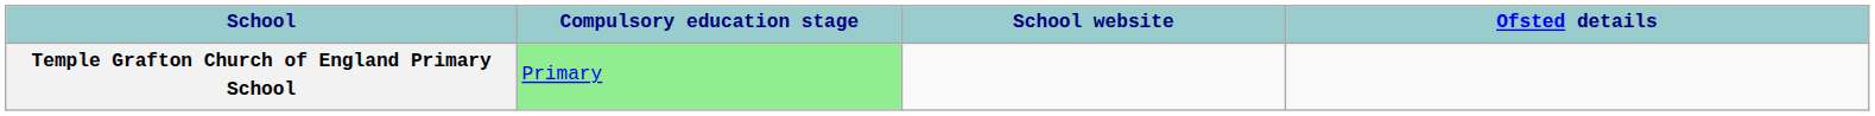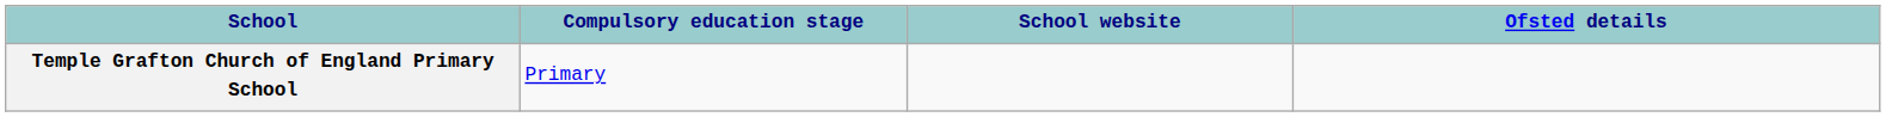 <table class="wikitable sortable" style="font-size:90%;width:90%;border:0px;text-align:left;line-height:150%;">
 <tr>
 <th style="background: #99CCCC; color: #000080" height="17" width="175">School</th>
 <th style="background: #99CCCC; color: #000080" height="17" width="130">Compulsory education stage</th>
 <th style="background: #99CCCC; color: #000080" height="17" width="130">School website</th>
 <th style="background: #99CCCC; color: #000080" height="17" width="200"><a href='#'>Ofsted</a> details</th>
 </tr>
 <tr>
 <th>Temple Grafton Church of England Primary School</th>
-<td style="background: lightgreen;"><a href='#'>Primary</a></td>
+<td><a href='#'>Primary</a></td>
 <td></td>
 <td></td>
 </tr>
 <tr>
 </tr>
 </table>
